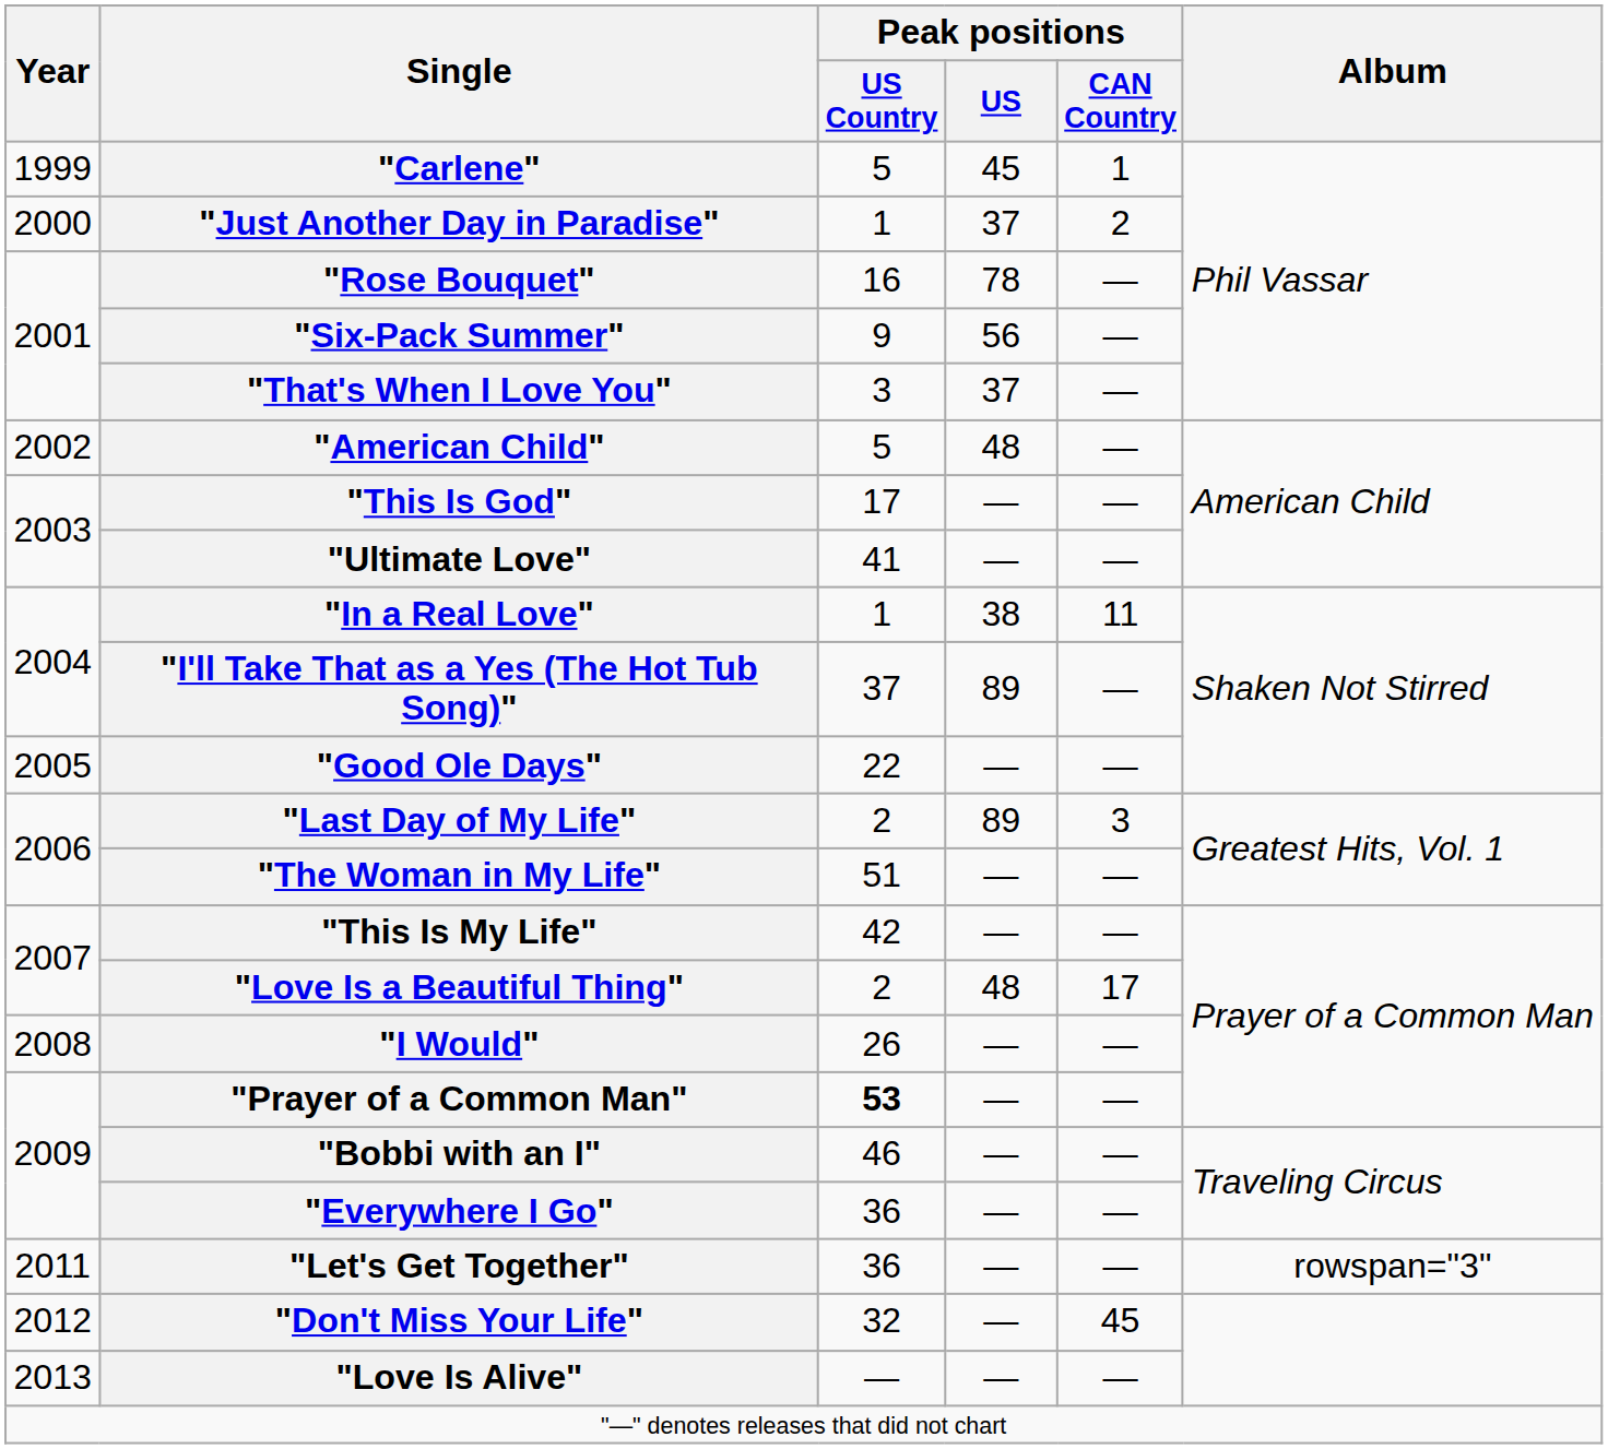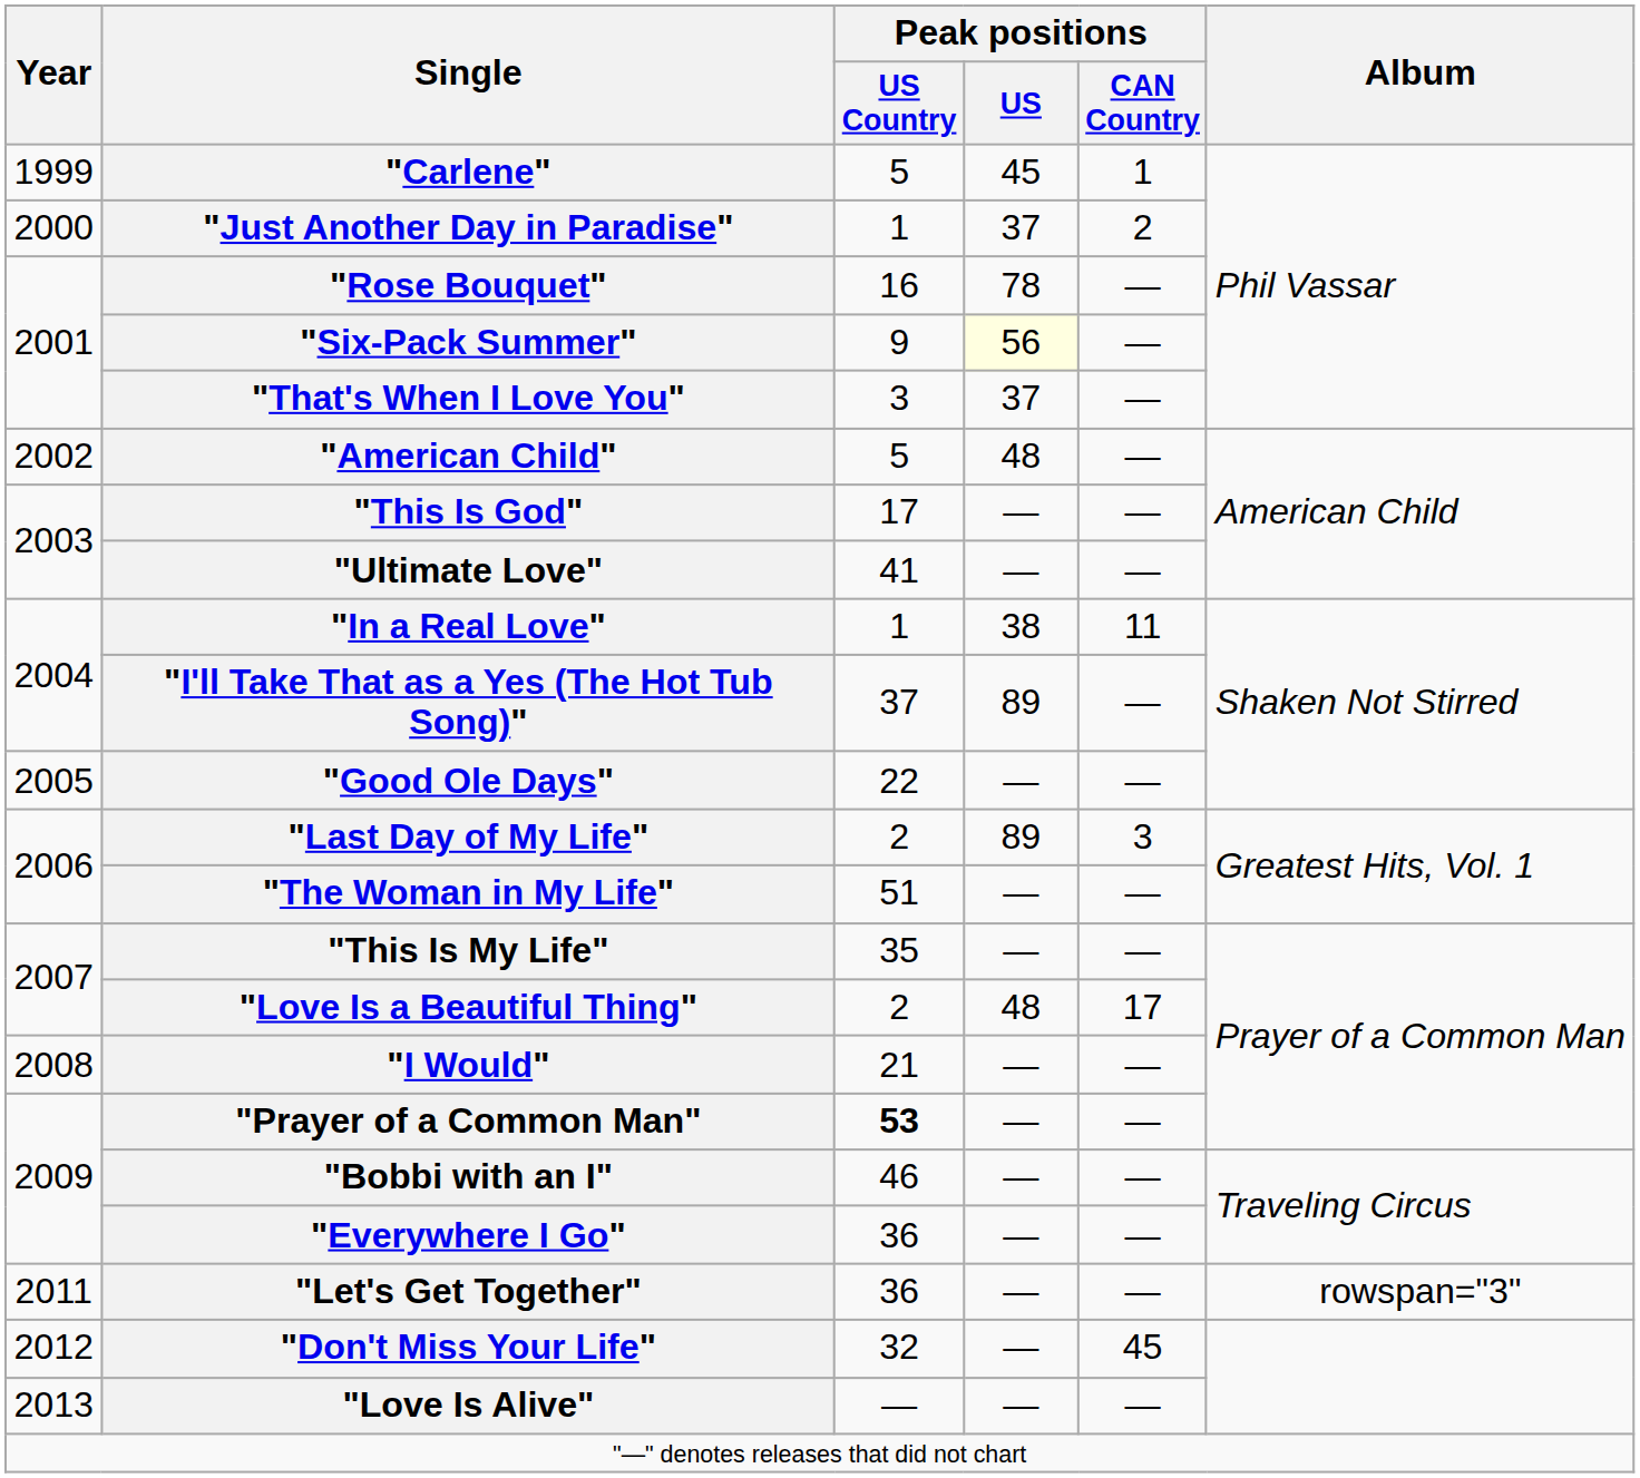 <table class="wikitable plainrowheaders" style="text-align:center;">
 <tr>
 <th rowspan="2">Year</th>
 <th rowspan="2" style="width:20em;">Single</th>
 <th colspan="3">Peak positions</th>
 <th rowspan="2">Album</th>
 </tr>
 <tr style="font-size:smaller;">
 <th width="45"><a href='#'>US Country</a><br></th>
 <th width="45"><a href='#'>US</a><br></th>
 <th width="45"><a href='#'>CAN Country</a><br></th>
 </tr>
 <tr>
 <td>1999</td>
 <th scope="row">"<a href='#'>Carlene</a>"</th>
 <td>5</td>
 <td>45</td>
 <td>1</td>
 <td align="left" rowspan="5"><em>Phil Vassar</em></td>
 </tr>
 <tr>
 <td>2000</td>
 <th scope="row">"<a href='#'>Just Another Day in Paradise</a>"</th>
 <td>1</td>
 <td>37</td>
 <td>2</td>
 </tr>
 <tr>
 <td rowspan="3">2001</td>
 <th scope="row">"<a href='#'>Rose Bouquet</a>"</th>
 <td>16</td>
 <td>78</td>
 <td>—</td>
 </tr>
 <tr>
 <th scope="row">"<a href='#'>Six-Pack Summer</a>"</th>
 <td>9</td>
-<td>56</td>
+<td style="background: lightyellow;">56</td>
 <td>—</td>
 </tr>
 <tr>
 <th scope="row">"<a href='#'>That's When I Love You</a>"</th>
 <td>3</td>
 <td>37</td>
 <td>—</td>
 </tr>
 <tr>
 <td>2002</td>
 <th scope="row">"<a href='#'>American Child</a>"</th>
 <td>5</td>
 <td>48</td>
 <td>—</td>
 <td align="left" rowspan="3"><em>American Child</em></td>
 </tr>
 <tr>
 <td rowspan="2">2003</td>
 <th scope="row">"<a href='#'>This Is God</a>"</th>
 <td>17</td>
 <td>—</td>
 <td>—</td>
 </tr>
 <tr>
 <th scope="row">"Ultimate Love"</th>
 <td>41</td>
 <td>—</td>
 <td>—</td>
 </tr>
 <tr>
 <td rowspan="2">2004</td>
 <th scope="row">"<a href='#'>In a Real Love</a>"</th>
 <td>1</td>
 <td>38</td>
 <td>11</td>
 <td align="left" rowspan="3"><em>Shaken Not Stirred</em></td>
 </tr>
 <tr>
 <th scope="row">"<a href='#'>I'll Take That as a Yes (The Hot Tub Song)</a>"</th>
 <td>37</td>
 <td>89</td>
 <td>—</td>
 </tr>
 <tr>
 <td>2005</td>
 <th scope="row">"<a href='#'>Good Ole Days</a>"</th>
 <td>22</td>
 <td>—</td>
 <td>—</td>
 </tr>
 <tr>
 <td rowspan="2">2006</td>
 <th scope="row">"<a href='#'>Last Day of My Life</a>"</th>
 <td>2</td>
 <td>89</td>
 <td>3</td>
 <td align="left" rowspan="2"><em>Greatest Hits, Vol. 1</em></td>
 </tr>
 <tr>
 <th scope="row">"<a href='#'>The Woman in My Life</a>"</th>
 <td>51</td>
 <td>—</td>
 <td>—</td>
 </tr>
 <tr>
 <td rowspan="2">2007</td>
 <th scope="row">"This Is My Life"</th>
-<td>42</td>
+<td>35</td>
 <td>—</td>
 <td>—</td>
 <td align="left" rowspan="4"><em>Prayer of a Common Man</em></td>
 </tr>
 <tr>
 <th scope="row">"<a href='#'>Love Is a Beautiful Thing</a>"</th>
 <td>2</td>
 <td>48</td>
 <td>17</td>
 </tr>
 <tr>
 <td>2008</td>
 <th scope="row">"<a href='#'>I Would</a>"</th>
-<td>26</td>
+<td>21</td>
 <td>—</td>
 <td>—</td>
 </tr>
 <tr>
 <td rowspan="3">2009</td>
 <th scope="row">"Prayer of a Common Man"</th>
 <td><strong>53</strong></td>
 <td>—</td>
 <td>—</td>
 </tr>
 <tr>
 <th scope="row">"Bobbi with an I"</th>
 <td>46</td>
 <td>—</td>
 <td>—</td>
 <td align="left" rowspan="2"><em>Traveling Circus</em></td>
 </tr>
 <tr>
 <th scope="row">"<a href='#'>Everywhere I Go</a>"</th>
 <td>36</td>
 <td>—</td>
 <td>—</td>
 </tr>
 <tr>
 <td>2011</td>
 <th scope="row">"Let's Get Together"</th>
 <td>36</td>
 <td>—</td>
 <td>—</td>
 <td>rowspan="3" </td>
 </tr>
 <tr>
 <td>2012</td>
 <th scope="row">"<a href='#'>Don't Miss Your Life</a>"</th>
 <td>32</td>
 <td>—</td>
 <td>45</td>
 </tr>
 <tr>
 <td>2013</td>
 <th scope="row">"Love Is Alive"</th>
 <td>—</td>
 <td>—</td>
 <td>—</td>
 </tr>
 <tr>
 <td colspan="6" style="font-size:8pt">"—" denotes releases that did not chart</td>
 </tr>
 </table>
